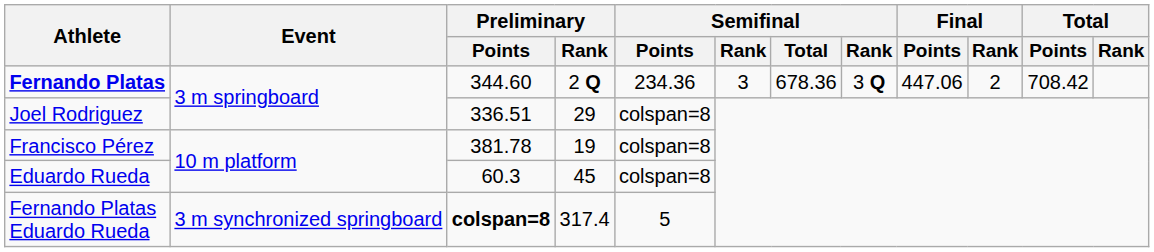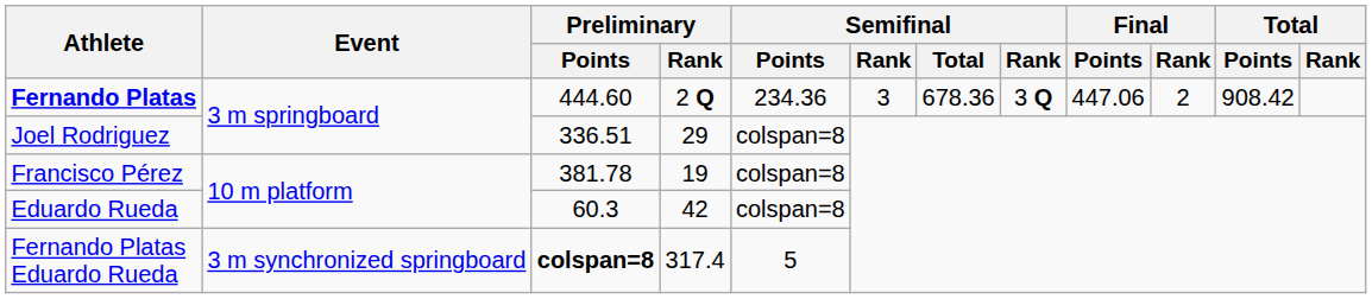 <table class=wikitable style=font-size:90%;text-align:center>
 <tr>
 <th rowspan=2>Athlete</th>
 <th rowspan=2>Event</th>
 <th colspan=2>Preliminary</th>
 <th colspan=4>Semifinal</th>
 <th colspan=2>Final</th>
 <th colspan=2>Total</th>
 </tr>
 <tr style=font-size:95%>
 <th>Points</th>
 <th>Rank</th>
 <th>Points</th>
 <th>Rank</th>
 <th>Total</th>
 <th>Rank</th>
 <th>Points</th>
 <th>Rank</th>
 <th>Points</th>
 <th>Rank</th>
 </tr>
 <tr>
 <td align=left><strong><a href='#'>Fernando Platas</a></strong></td>
 <td align=left rowspan=2><a href='#'>3 m springboard</a></td>
-<td>344.60</td>
+<td>444.60</td>
 <td>2 <strong>Q</strong></td>
 <td>234.36</td>
 <td>3</td>
 <td>678.36</td>
 <td>3 <strong>Q</strong></td>
 <td>447.06</td>
 <td>2</td>
-<td>708.42</td>
+<td>908.42</td>
 <td></td>
 </tr>
 <tr>
 <td align=left><a href='#'>Joel Rodriguez</a></td>
 <td>336.51</td>
 <td>29</td>
 <td>colspan=8 </td>
 </tr>
 <tr>
 <td align=left><a href='#'>Francisco Pérez</a></td>
 <td align=left rowspan=2><a href='#'>10 m platform</a></td>
 <td>381.78</td>
 <td>19</td>
 <td>colspan=8 </td>
 </tr>
 <tr>
 <td align=left><a href='#'>Eduardo Rueda</a></td>
 <td>60.3</td>
-<td>45</td>
+<td>42</td>
 <td>colspan=8 </td>
 </tr>
 <tr>
 <td align=left><a href='#'>Fernando Platas</a><br><a href='#'>Eduardo Rueda</a></td>
 <td align=left><a href='#'>3 m synchronized springboard</a></td>
 <td><strong>colspan=8 </strong></td>
 <td>317.4</td>
 <td>5</td>
 </tr>
 </table>
